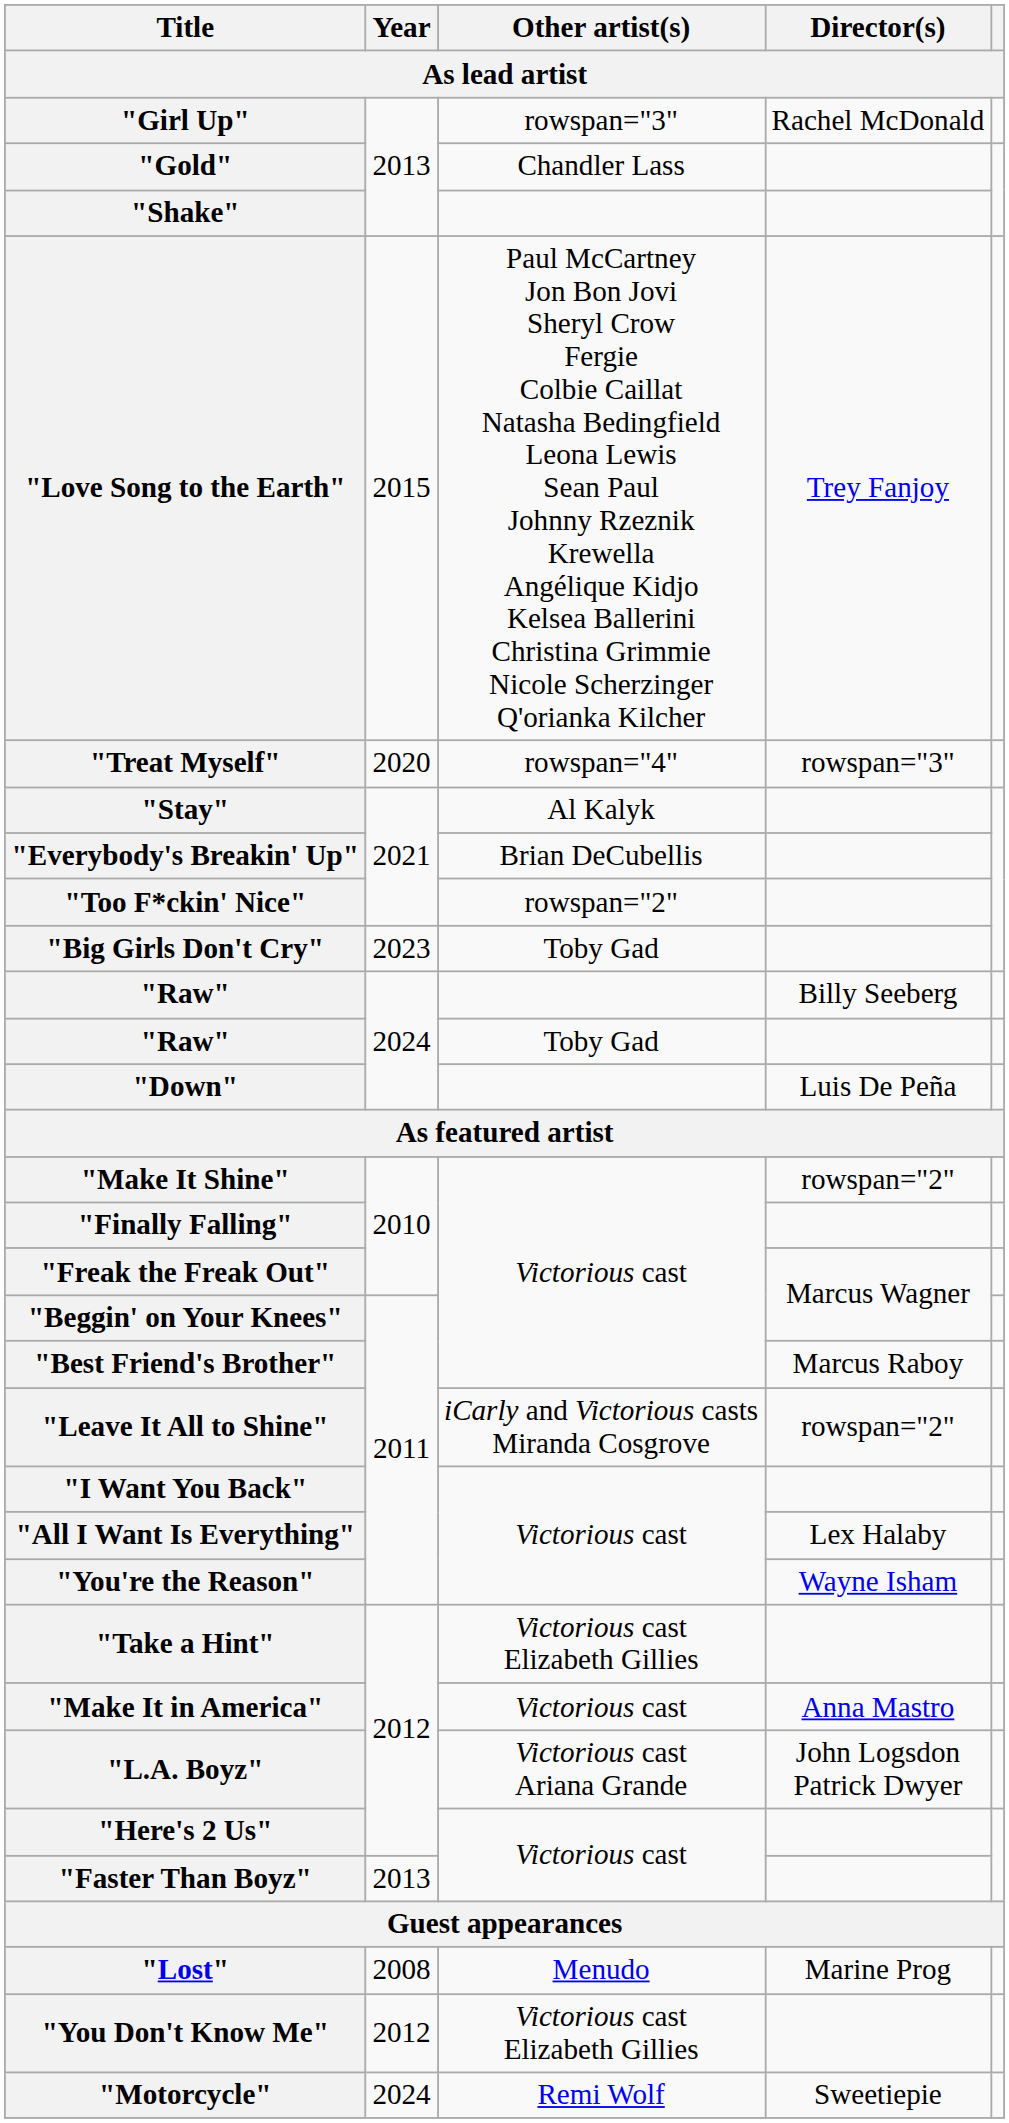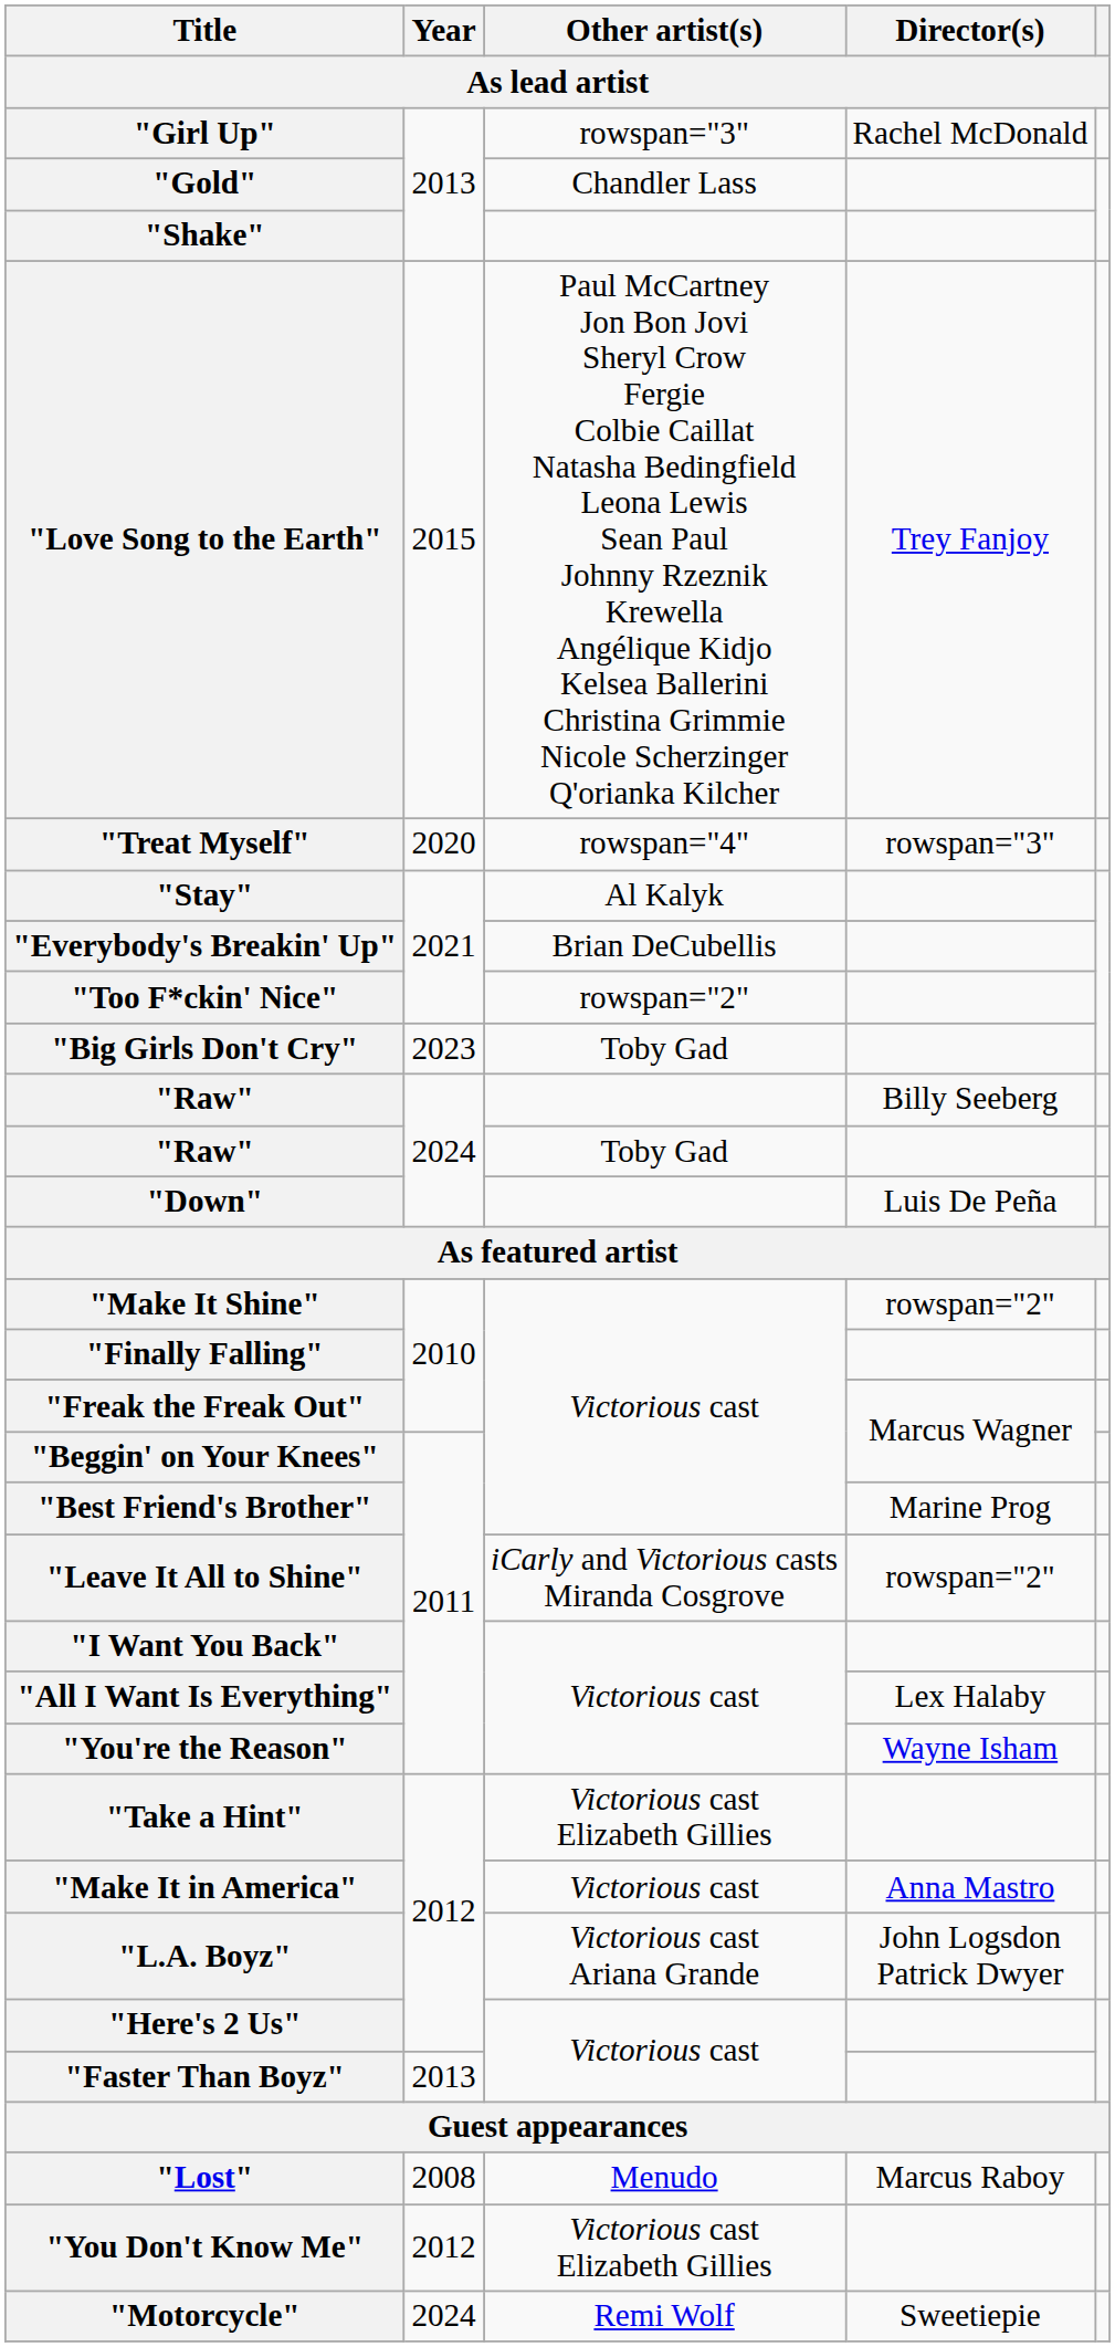 <table class="wikitable plainrowheaders" style="text-align:center;">
 <tr>
 <th scope="col">Title</th>
 <th scope="col">Year</th>
 <th scope="col">Other artist(s)</th>
 <th scope="col">Director(s)</th>
 <th scope="col"></th>
 </tr>
 <tr>
 <th scope="col" colspan="5">As lead artist</th>
 </tr>
 <tr>
 <th scope="row">"Girl Up"</th>
 <td rowspan="3">2013</td>
 <td>rowspan="3" </td>
 <td>Rachel McDonald</td>
 <td></td>
 </tr>
 <tr>
 <th scope="row">"Gold"</th>
 <td>Chandler Lass</td>
 <td></td>
 </tr>
 <tr>
 <th scope="row">"Shake"</th>
 <td></td>
 <td></td>
 </tr>
 <tr>
 <th scope="row">"Love Song to the Earth"</th>
 <td>2015</td>
 <td>Paul McCartney<br>Jon Bon Jovi<br>Sheryl Crow<br>Fergie<br>Colbie Caillat<br>Natasha Bedingfield<br>Leona Lewis<br>Sean Paul<br>Johnny Rzeznik<br>Krewella<br>Angélique Kidjo<br>Kelsea Ballerini<br>Christina Grimmie<br>Nicole Scherzinger<br>Q'orianka Kilcher</td>
 <td><a href='#'>Trey Fanjoy</a></td>
 <td></td>
 </tr>
 <tr>
 <th scope="row">"Treat Myself"</th>
 <td>2020</td>
 <td>rowspan="4" </td>
 <td>rowspan="3" </td>
 <td></td>
 </tr>
 <tr>
 <th scope="row">"Stay"</th>
 <td rowspan="3">2021</td>
 <td>Al Kalyk</td>
 <td></td>
 </tr>
 <tr>
 <th scope="row">"Everybody's Breakin' Up"</th>
 <td>Brian DeCubellis</td>
 <td></td>
 </tr>
 <tr>
 <th scope="row">"Too F*ckin' Nice"</th>
 <td>rowspan="2" </td>
 <td></td>
 </tr>
 <tr>
 <th scope="row">"Big Girls Don't Cry"</th>
 <td>2023</td>
 <td>Toby Gad</td>
 <td></td>
 </tr>
 <tr>
 <th scope="row">"Raw"</th>
 <td rowspan="3">2024</td>
 <td></td>
 <td>Billy Seeberg</td>
 <td></td>
 </tr>
 <tr>
 <th scope="row">"Raw"<br></th>
 <td>Toby Gad</td>
 <td></td>
 <td></td>
 </tr>
 <tr>
 <th scope="row">"Down"</th>
 <td></td>
 <td>Luis De Peña</td>
 <td></td>
 </tr>
 <tr>
 <th scope="col" colspan="5">As featured artist</th>
 </tr>
 <tr>
 <th scope="row">"Make It Shine"</th>
 <td rowspan="3">2010</td>
 <td rowspan="5"><em>Victorious</em> cast</td>
 <td>rowspan="2" </td>
 <td></td>
 </tr>
 <tr>
 <th scope="row">"Finally Falling"</th>
 <td></td>
 </tr>
 <tr>
 <th scope="row">"Freak the Freak Out"</th>
 <td rowspan="2">Marcus Wagner</td>
 <td></td>
 </tr>
 <tr>
 <th scope="row">"Beggin' on Your Knees"</th>
 <td rowspan="6">2011</td>
 <td></td>
 </tr>
 <tr>
 <th scope="row">"Best Friend's Brother"</th>
-<td>Marcus Raboy</td>
+<td>Marine Prog</td>
 <td></td>
 </tr>
 <tr>
 <th scope="row">"Leave It All to Shine"</th>
 <td><em>iCarly</em> and <em>Victorious</em> casts<br>Miranda Cosgrove</td>
 <td>rowspan="2" </td>
 <td></td>
 </tr>
 <tr>
 <th scope="row">"I Want You Back"</th>
 <td rowspan="3"><em>Victorious</em> cast</td>
 <td></td>
 </tr>
 <tr>
 <th scope="row">"All I Want Is Everything"</th>
 <td>Lex Halaby</td>
 <td></td>
 </tr>
 <tr>
 <th scope="row">"You're the Reason"<br></th>
 <td><a href='#'>Wayne Isham</a></td>
 <td></td>
 </tr>
 <tr>
 <th scope="row">"Take a Hint"</th>
 <td rowspan="4">2012</td>
 <td><em>Victorious</em> cast<br>Elizabeth Gillies</td>
 <td></td>
 <td></td>
 </tr>
 <tr>
 <th scope="row">"Make It in America"</th>
 <td><em>Victorious</em> cast</td>
 <td><a href='#'>Anna Mastro</a></td>
 <td></td>
 </tr>
 <tr>
 <th scope="row">"L.A. Boyz"</th>
 <td><em>Victorious</em> cast<br>Ariana Grande</td>
 <td>John Logsdon<br>Patrick Dwyer</td>
 <td></td>
 </tr>
 <tr>
 <th scope="row">"Here's 2 Us"</th>
 <td rowspan="2"><em>Victorious</em> cast</td>
 <td></td>
 </tr>
 <tr>
 <th scope="row">"Faster Than Boyz"</th>
 <td>2013</td>
 <td></td>
 </tr>
 <tr>
 <th scope="col" colspan="5">Guest appearances</th>
 </tr>
 <tr>
 <th scope="row">"<a href='#'>Lost</a>"</th>
 <td>2008</td>
 <td><a href='#'>Menudo</a></td>
-<td>Marine Prog</td>
+<td>Marcus Raboy</td>
 <td></td>
 </tr>
 <tr>
 <th scope="row">"You Don't Know Me"</th>
 <td>2012</td>
 <td><em>Victorious</em> cast<br>Elizabeth Gillies</td>
 <td></td>
 <td></td>
 </tr>
 <tr>
 <th scope="row">"Motorcycle"</th>
 <td>2024</td>
 <td><a href='#'>Remi Wolf</a></td>
 <td>Sweetiepie</td>
 <td><br></td>
 </tr>
 </table>
